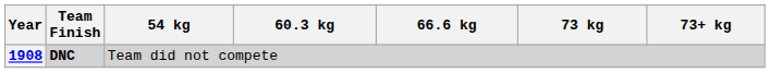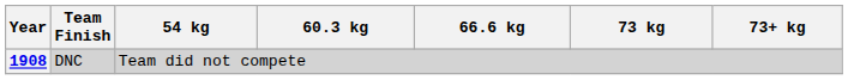 <table class="wikitable" style="font-size:88%">
 <tr>
 <th>Year</th>
 <th>Team Finish</th>
 <th width=280>54 kg</th>
 <th width=280>60.3 kg</th>
 <th width=280>66.6 kg</th>
 <th width=280>73 kg</th>
 <th width=280>73+ kg</th>
 </tr>
 <tr style="background:lightgray">
 <th><a href='#'>1908</a></th>
-<td><strong>DNC</strong></td>
+<td>DNC</td>
 <td colspan=5>Team did not compete</td>
 </tr>
 <tr>
 </tr>
 </table>
